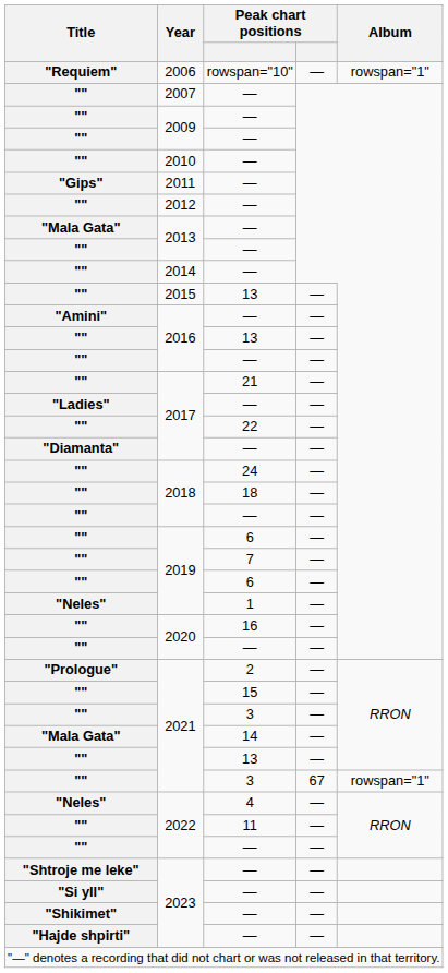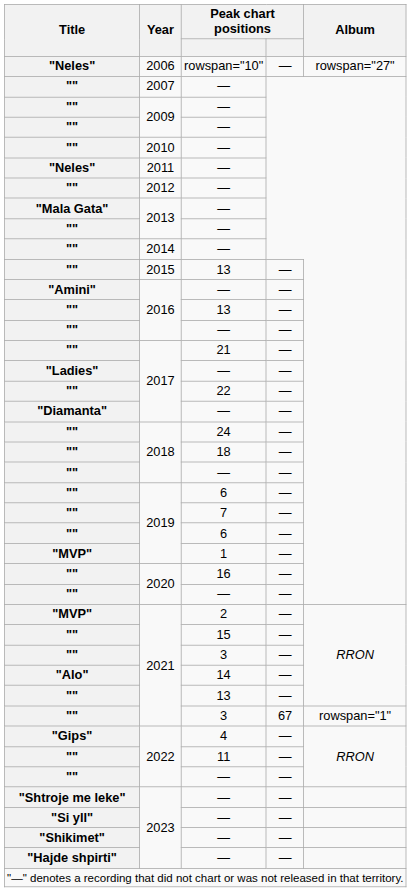 <table class="wikitable plainrowheaders" style="text-align:center;">
 <tr>
 <th scope="col" rowspan="2">Title</th>
 <th scope="col" rowspan="2">Year</th>
 <th scope="col" colspan="2">Peak chart positions</th>
 <th scope="col" rowspan="2">Album</th>
 </tr>
 <tr>
 <th style="width:3em; font-size:85%;"><a href='#'></a><br></th>
 <th style="width:3em; font-size:85%;"><a href='#'></a><br></th>
 </tr>
 <tr>
-<th scope="row">"Requiem"<br></th>
+<th scope="row">"Neles"<br></th>
 <td>2006</td>
 <td>rowspan="10" </td>
 <td>—</td>
-<td>rowspan="1" </td>
+<td>rowspan="27" </td>
 </tr>
 <tr>
 <th scope="row">""</th>
 <td>2007</td>
 <td>—</td>
 </tr>
 <tr>
 <th scope="row">""</th>
 <td rowspan="2">2009</td>
 <td>—</td>
 </tr>
 <tr>
 <th scope="row">""</th>
 <td>—</td>
 </tr>
 <tr>
 <th scope="row">""</th>
 <td>2010</td>
 <td>—</td>
 </tr>
 <tr>
-<th scope="row">"Gips"<br></th>
+<th scope="row">"Neles"<br></th>
 <td>2011</td>
 <td>—</td>
 </tr>
 <tr>
 <th scope="row">""</th>
 <td>2012</td>
 <td>—</td>
 </tr>
 <tr>
 <th scope="row">"Mala Gata"</th>
 <td rowspan="2">2013</td>
 <td>—</td>
 </tr>
 <tr>
 <th scope="row">""</th>
 <td>—</td>
 </tr>
 <tr>
 <th scope="row">""<br></th>
 <td>2014</td>
 <td>—</td>
 </tr>
 <tr>
 <th scope="row">""</th>
 <td>2015</td>
 <td>13</td>
 <td>—</td>
 </tr>
 <tr>
 <th scope="row">"Amini"</th>
 <td rowspan="3">2016</td>
 <td>—</td>
 <td>—</td>
 </tr>
 <tr>
 <th scope="row">""</th>
 <td>13</td>
 <td>—</td>
 </tr>
 <tr>
 <th scope="row">""<br></th>
 <td>—</td>
 <td>—</td>
 </tr>
 <tr>
 <th scope="row">""</th>
 <td rowspan="4">2017</td>
 <td>21</td>
 <td>—</td>
 </tr>
 <tr>
 <th scope="row">"Ladies"</th>
 <td>—</td>
 <td>—</td>
 </tr>
 <tr>
 <th scope="row">""<br></th>
 <td>22</td>
 <td>—</td>
 </tr>
 <tr>
 <th scope="row">"Diamanta"<br></th>
 <td>—</td>
 <td>—</td>
 </tr>
 <tr>
 <th scope="row">""</th>
 <td rowspan="3">2018</td>
 <td>24</td>
 <td>—</td>
 </tr>
 <tr>
 <th scope="row">""</th>
 <td>18</td>
 <td>—</td>
 </tr>
 <tr>
 <th scope="row">""</th>
 <td>—</td>
 <td>—</td>
 </tr>
 <tr>
 <th scope="row">""</th>
 <td rowspan="4">2019</td>
 <td>6</td>
 <td>—</td>
 </tr>
 <tr>
 <th scope="row">""<br></th>
 <td>7</td>
 <td>—</td>
 </tr>
 <tr>
 <th scope="row">""</th>
 <td>6</td>
 <td>—</td>
 </tr>
 <tr>
-<th scope="row">"Neles"<br></th>
+<th scope="row">"MVP"</th>
 <td>1</td>
 <td>—</td>
 </tr>
 <tr>
 <th scope="row">""</th>
 <td rowspan="2">2020</td>
 <td>16</td>
 <td>—</td>
 </tr>
 <tr>
 <th scope="row">""</th>
 <td>—</td>
 <td>—</td>
 </tr>
 <tr>
-<th scope="row">"Prologue"</th>
+<th scope="row">"MVP"</th>
 <td rowspan="6">2021</td>
 <td>2</td>
 <td>—</td>
 <td rowspan="5"><em>RRON</em></td>
 </tr>
 <tr>
 <th scope="row">""</th>
 <td>15</td>
 <td>—</td>
 </tr>
 <tr>
 <th scope="row">""</th>
 <td>3</td>
 <td>—</td>
 </tr>
 <tr>
-<th scope="row">"Mala Gata"</th>
+<th scope="row">"Alo"<br></th>
 <td>14</td>
 <td>—</td>
 </tr>
 <tr>
 <th scope="row">""<br></th>
 <td>13</td>
 <td>—</td>
 </tr>
 <tr>
 <th scope="row">""</th>
 <td>3</td>
 <td>67</td>
 <td>rowspan="1" </td>
 </tr>
 <tr>
-<th scope="row">"Neles"<br></th>
+<th scope="row">"Gips"<br></th>
 <td rowspan="3">2022</td>
 <td>4</td>
 <td>—</td>
 <td rowspan="3"><em>RRON</em></td>
 </tr>
 <tr>
 <th scope="row">""</th>
 <td>11</td>
 <td>—</td>
 </tr>
 <tr>
 <th scope="row">""</th>
 <td>—</td>
 <td>—</td>
 </tr>
 <tr>
 <th scope="row">"Shtroje me leke"</th>
 <td rowspan="4">2023</td>
 <td>—</td>
 <td>—</td>
 <td></td>
 </tr>
 <tr>
 <th scope="row">"Si yll"</th>
 <td>—</td>
 <td>—</td>
 <td></td>
 </tr>
 <tr>
 <th scope="row">"Shikimet"</th>
 <td>—</td>
 <td>—</td>
 <td></td>
 </tr>
 <tr>
 <th scope="row">"Hajde shpirti"</th>
 <td>—</td>
 <td>—</td>
 <td></td>
 </tr>
 <tr>
 <td colspan="11" style="font-size:90%">"—" denotes a recording that did not chart or was not released in that territory.</td>
 </tr>
 </table>
